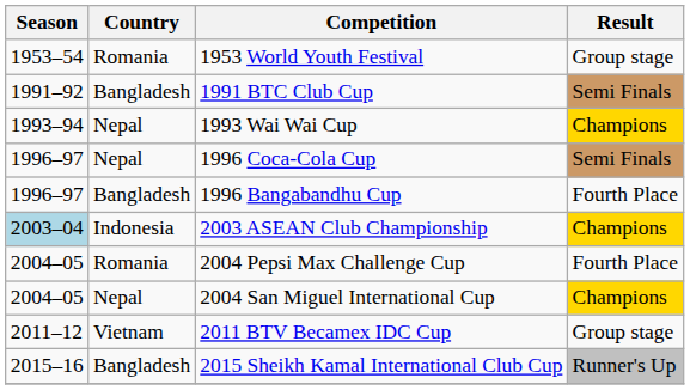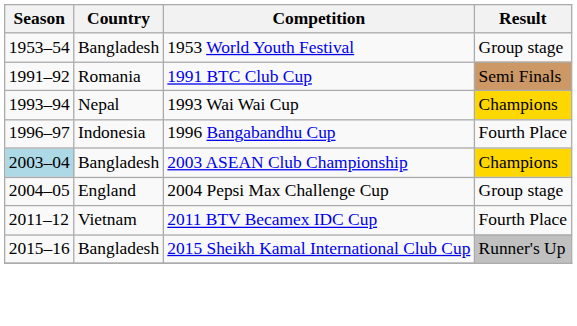 <table class="wikitable" style="font-size:85%;">
 <tr>
 <th>Season</th>
 <th>Country</th>
 <th>Competition</th>
 <th>Result</th>
 </tr>
 <tr>
 <td>1953–54</td>
-<td align="left"> Romania</td>
+<td align="left"> Bangladesh</td>
 <td>1953 <a href='#'>World Youth Festival</a></td>
 <td>Group stage</td>
 </tr>
 <tr>
 <td>1991–92</td>
-<td align="left"> Bangladesh</td>
+<td align="left"> Romania</td>
 <td><a href='#'>1991 BTC Club Cup</a></td>
 <td style="background:#c96">Semi Finals</td>
 </tr>
 <tr>
 <td>1993–94</td>
 <td align="left"> Nepal</td>
 <td>1993 Wai Wai Cup</td>
 <td style="background:gold">Champions</td>
 </tr>
 <tr>
 <td>1996–97</td>
-<td align="left"> Nepal</td>
-<td>1996 <a href='#'>Coca-Cola Cup</a></td>
-<td style="background:#c96">Semi Finals</td>
-</tr>
-<tr>
-<td>1996–97</td>
-<td align="left"> Bangladesh</td>
+<td align="left"> Indonesia</td>
 <td>1996 <a href='#'>Bangabandhu Cup</a></td>
 <td>Fourth Place</td>
 </tr>
 <tr>
 <td style="background: lightblue;">2003–04</td>
-<td align="left"> Indonesia</td>
+<td align="left"> Bangladesh</td>
 <td><a href='#'>2003 ASEAN Club Championship</a></td>
 <td style="background:gold">Champions</td>
 </tr>
 <tr>
 <td>2004–05</td>
-<td align="left"> Romania</td>
+<td align="left"> England</td>
 <td>2004 Pepsi Max Challenge Cup</td>
-<td>Fourth Place</td>
-</tr>
-<tr>
-<td>2004–05</td>
-<td align="left"> Nepal</td>
-<td>2004 San Miguel International Cup</td>
-<td style="background:gold">Champions</td>
+<td>Group stage</td>
 </tr>
 <tr>
 <td>2011–12</td>
 <td align="left"> Vietnam</td>
 <td><a href='#'>2011 BTV Becamex IDC Cup</a></td>
-<td>Group stage</td>
+<td>Fourth Place</td>
 </tr>
 <tr>
 <td>2015–16</td>
 <td align="left"> Bangladesh</td>
 <td><a href='#'>2015 Sheikh Kamal International Club Cup</a></td>
 <td style="background:silver">Runner's Up</td>
 </tr>
 <tr>
 </tr>
 </table>
